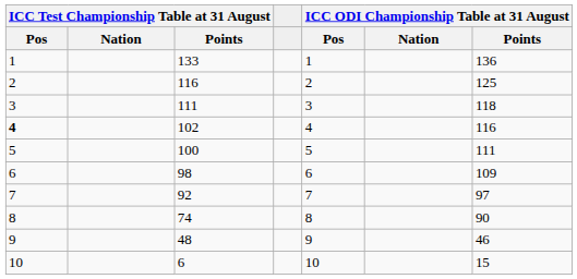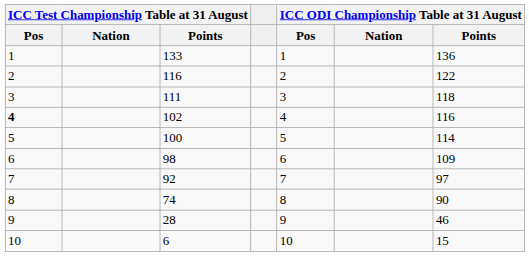 <table class="wikitable" style="margin:0.5em auto">
 <tr style="background:#efefef;">
 <th colspan="3"><a href='#'>ICC Test Championship</a> Table at 31 August</th>
 <td style="width:5%;"></td>
 <th colspan="3"><a href='#'>ICC ODI Championship</a> Table at 31 August</th>
 </tr>
 <tr style="background:#efefef;">
 <th>Pos</th>
 <th>Nation</th>
 <th>Points</th>
 <td></td>
 <th>Pos</th>
 <th>Nation</th>
 <th>Points</th>
 </tr>
 <tr>
 <td>1</td>
 <td></td>
 <td>133</td>
 <td></td>
 <td>1</td>
 <td></td>
 <td>136</td>
 </tr>
 <tr>
 <td>2</td>
 <td></td>
 <td>116</td>
 <td></td>
 <td>2</td>
 <td></td>
-<td>125</td>
+<td>122</td>
 </tr>
 <tr>
 <td>3</td>
 <td></td>
 <td>111</td>
 <td></td>
 <td>3</td>
 <td></td>
 <td>118</td>
 </tr>
 <tr>
 <td><strong>4</strong></td>
 <td></td>
 <td>102</td>
 <td></td>
 <td>4</td>
 <td></td>
 <td>116</td>
 </tr>
 <tr>
 <td>5</td>
 <td></td>
 <td>100</td>
 <td></td>
 <td>5</td>
 <td></td>
-<td>111</td>
+<td>114</td>
 </tr>
 <tr>
 <td>6</td>
 <td></td>
 <td>98</td>
 <td></td>
 <td>6</td>
 <td></td>
 <td>109</td>
 </tr>
 <tr>
 <td>7</td>
 <td></td>
 <td>92</td>
 <td></td>
 <td>7</td>
 <td></td>
 <td>97</td>
 </tr>
 <tr>
 <td>8</td>
 <td></td>
 <td>74</td>
 <td></td>
 <td>8</td>
 <td></td>
 <td>90</td>
 </tr>
 <tr>
 <td>9</td>
 <td></td>
-<td>48</td>
+<td>28</td>
 <td></td>
 <td>9</td>
 <td></td>
 <td>46</td>
 </tr>
 <tr>
 <td>10</td>
 <td></td>
 <td>6</td>
 <td></td>
 <td>10</td>
 <td></td>
 <td>15</td>
 </tr>
 </table>
